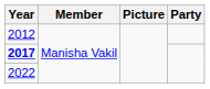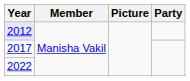 <table class="wikitable sortable">
 <tr>
 <th>Year</th>
 <th>Member</th>
 <th>Picture</th>
 <th colspan="2">Party</th>
 </tr>
 <tr>
-<td><a href='#'>2012</a></td>
+<td style="background: lavender;"><a href='#'>2012</a></td>
 <td rowspan=3><a href='#'>Manisha Vakil</a></td>
 <td rowspan=3></td>
 <td></td>
 </tr>
 <tr>
-<td><strong><a href='#'>2017</a></strong></td>
+<td><a href='#'>2017</a></td>
 </tr>
 <tr>
 <td><a href='#'>2022</a></td>
 </tr>
 </table>
